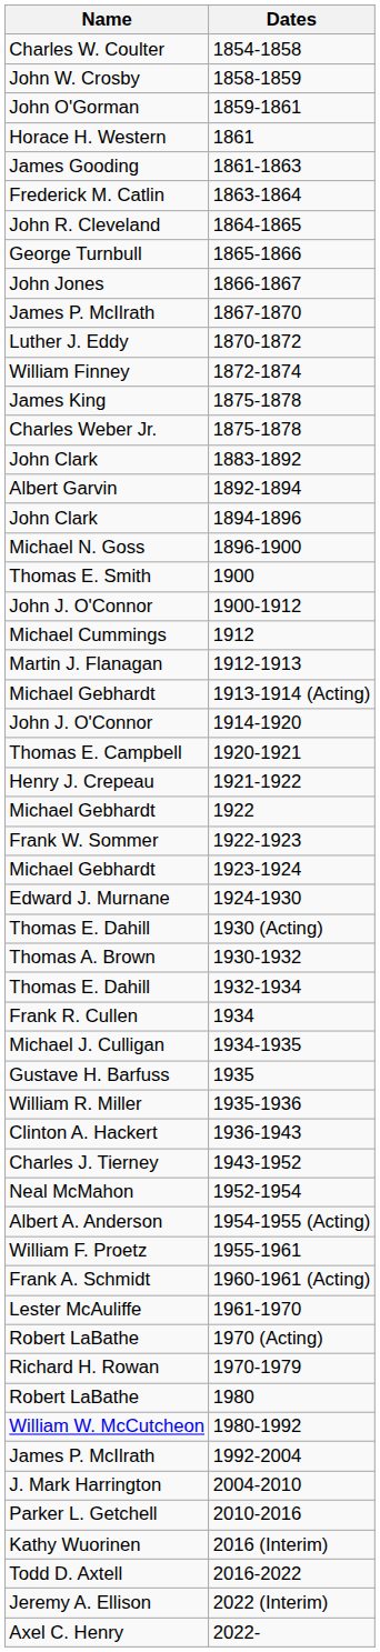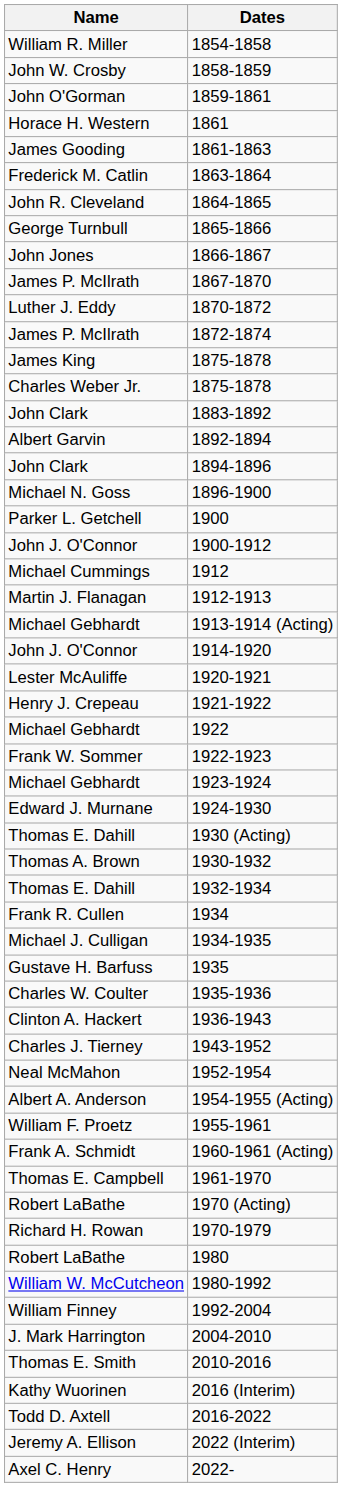 <table class="wikitable">
 <tr>
 <th>Name</th>
 <th>Dates</th>
 </tr>
 <tr>
-<td>Charles W. Coulter</td>
+<td>William R. Miller</td>
 <td>1854-1858</td>
 </tr>
 <tr>
 <td>John W. Crosby</td>
 <td>1858-1859</td>
 </tr>
 <tr>
 <td>John O'Gorman</td>
 <td>1859-1861</td>
 </tr>
 <tr>
 <td>Horace H. Western</td>
 <td>1861</td>
 </tr>
 <tr>
 <td>James Gooding</td>
 <td>1861-1863</td>
 </tr>
 <tr>
 <td>Frederick M. Catlin</td>
 <td>1863-1864</td>
 </tr>
 <tr>
 <td>John R. Cleveland</td>
 <td>1864-1865</td>
 </tr>
 <tr>
 <td>George Turnbull</td>
 <td>1865-1866</td>
 </tr>
 <tr>
 <td>John Jones</td>
 <td>1866-1867</td>
 </tr>
 <tr>
 <td>James P. McIlrath</td>
 <td>1867-1870</td>
 </tr>
 <tr>
 <td>Luther J. Eddy</td>
 <td>1870-1872</td>
 </tr>
 <tr>
-<td>William Finney</td>
+<td>James P. McIlrath</td>
 <td>1872-1874</td>
 </tr>
 <tr>
 <td>James King</td>
 <td>1875-1878</td>
 </tr>
 <tr>
 <td>Charles Weber Jr.</td>
 <td>1875-1878</td>
 </tr>
 <tr>
 <td>John Clark</td>
 <td>1883-1892</td>
 </tr>
 <tr>
 <td>Albert Garvin</td>
 <td>1892-1894</td>
 </tr>
 <tr>
 <td>John Clark</td>
 <td>1894-1896</td>
 </tr>
 <tr>
 <td>Michael N. Goss</td>
 <td>1896-1900</td>
 </tr>
 <tr>
-<td>Thomas E. Smith</td>
+<td>Parker L. Getchell</td>
 <td>1900</td>
 </tr>
 <tr>
 <td>John J. O'Connor</td>
 <td>1900-1912</td>
 </tr>
 <tr>
 <td>Michael Cummings</td>
 <td>1912</td>
 </tr>
 <tr>
 <td>Martin J. Flanagan</td>
 <td>1912-1913</td>
 </tr>
 <tr>
 <td>Michael Gebhardt</td>
 <td>1913-1914 (Acting)</td>
 </tr>
 <tr>
 <td>John J. O'Connor</td>
 <td>1914-1920</td>
 </tr>
 <tr>
-<td>Thomas E. Campbell</td>
+<td>Lester McAuliffe</td>
 <td>1920-1921</td>
 </tr>
 <tr>
 <td>Henry J. Crepeau</td>
 <td>1921-1922</td>
 </tr>
 <tr>
 <td>Michael Gebhardt</td>
 <td>1922</td>
 </tr>
 <tr>
 <td>Frank W. Sommer</td>
 <td>1922-1923</td>
 </tr>
 <tr>
 <td>Michael Gebhardt</td>
 <td>1923-1924</td>
 </tr>
 <tr>
 <td>Edward J. Murnane</td>
 <td>1924-1930</td>
 </tr>
 <tr>
 <td>Thomas E. Dahill</td>
 <td>1930 (Acting)</td>
 </tr>
 <tr>
 <td>Thomas A. Brown</td>
 <td>1930-1932</td>
 </tr>
 <tr>
 <td>Thomas E. Dahill</td>
 <td>1932-1934</td>
 </tr>
 <tr>
 <td>Frank R. Cullen</td>
 <td>1934</td>
 </tr>
 <tr>
 <td>Michael J. Culligan</td>
 <td>1934-1935</td>
 </tr>
 <tr>
 <td>Gustave H. Barfuss</td>
 <td>1935</td>
 </tr>
 <tr>
-<td>William R. Miller</td>
+<td>Charles W. Coulter</td>
 <td>1935-1936</td>
 </tr>
 <tr>
 <td>Clinton A. Hackert</td>
 <td>1936-1943</td>
 </tr>
 <tr>
 <td>Charles J. Tierney</td>
 <td>1943-1952</td>
 </tr>
 <tr>
 <td>Neal McMahon</td>
 <td>1952-1954</td>
 </tr>
 <tr>
 <td>Albert A. Anderson</td>
 <td>1954-1955 (Acting)</td>
 </tr>
 <tr>
 <td>William F. Proetz</td>
 <td>1955-1961</td>
 </tr>
 <tr>
 <td>Frank A. Schmidt</td>
 <td>1960-1961 (Acting)</td>
 </tr>
 <tr>
-<td>Lester McAuliffe</td>
+<td>Thomas E. Campbell</td>
 <td>1961-1970</td>
 </tr>
 <tr>
 <td>Robert LaBathe</td>
 <td>1970 (Acting)</td>
 </tr>
 <tr>
 <td>Richard H. Rowan</td>
 <td>1970-1979</td>
 </tr>
 <tr>
 <td>Robert LaBathe</td>
 <td>1980</td>
 </tr>
 <tr>
 <td><a href='#'>William W. McCutcheon</a></td>
 <td>1980-1992</td>
 </tr>
 <tr>
-<td>James P. McIlrath</td>
+<td>William Finney</td>
 <td>1992-2004</td>
 </tr>
 <tr>
 <td>J. Mark Harrington</td>
 <td>2004-2010</td>
 </tr>
 <tr>
-<td>Parker L. Getchell</td>
+<td>Thomas E. Smith</td>
 <td>2010-2016</td>
 </tr>
 <tr>
 <td>Kathy Wuorinen</td>
 <td>2016 (Interim)</td>
 </tr>
 <tr>
 <td>Todd D. Axtell</td>
 <td>2016-2022</td>
 </tr>
 <tr>
 <td>Jeremy A. Ellison</td>
 <td>2022 (Interim)</td>
 </tr>
 <tr>
 <td>Axel C. Henry</td>
 <td>2022-</td>
 </tr>
 </table>
